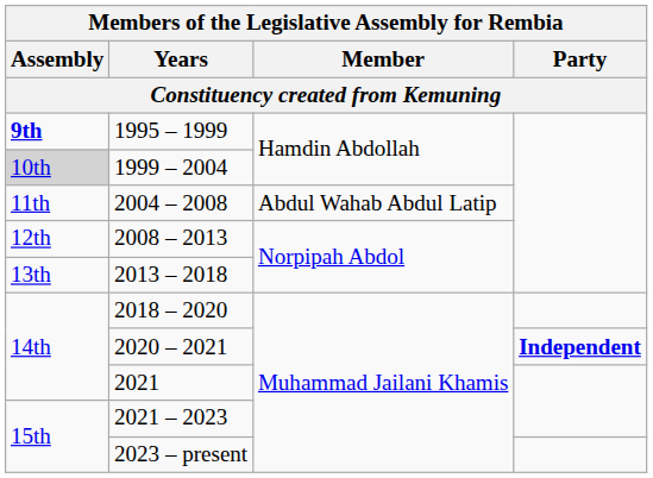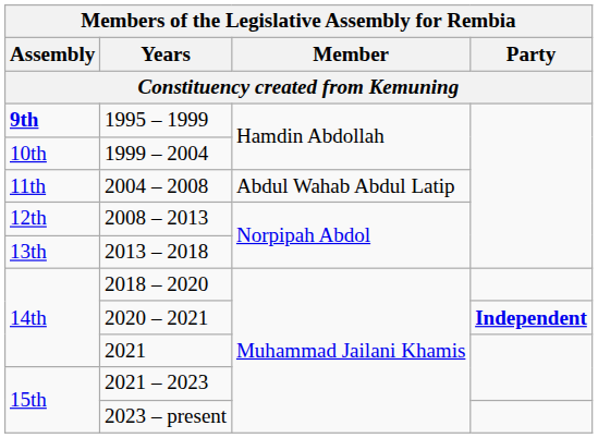 <table class=wikitable>
 <tr>
 <th colspan="4">Members of the Legislative Assembly for Rembia</th>
 </tr>
 <tr>
 <th>Assembly</th>
 <th>Years</th>
 <th>Member</th>
 <th>Party</th>
 </tr>
 <tr>
 <th colspan="4" align="center"><em>Constituency created from Kemuning</em></th>
 </tr>
 <tr>
 <td><strong><a href='#'>9th</a></strong></td>
 <td>1995 – 1999</td>
 <td rowspan="2">Hamdin Abdollah</td>
 <td rowspan="5"></td>
 </tr>
 <tr>
-<td style="background: lightgrey;"><a href='#'>10th</a></td>
+<td><a href='#'>10th</a></td>
 <td>1999 – 2004</td>
 </tr>
 <tr>
 <td><a href='#'>11th</a></td>
 <td>2004 – 2008</td>
 <td>Abdul Wahab Abdul Latip</td>
 </tr>
 <tr>
 <td><a href='#'>12th</a></td>
 <td>2008 – 2013</td>
 <td rowspan="2"><a href='#'>Norpipah Abdol</a></td>
 </tr>
 <tr>
 <td><a href='#'>13th</a></td>
 <td>2013 – 2018</td>
 </tr>
 <tr>
 <td rowspan="3"><a href='#'>14th</a></td>
 <td>2018 – 2020</td>
 <td rowspan="5"><a href='#'>Muhammad Jailani Khamis</a></td>
 <td></td>
 </tr>
 <tr>
 <td>2020 – 2021</td>
 <td><strong><a href='#'>Independent</a></strong></td>
 </tr>
 <tr>
 <td>2021</td>
 <td rowspan="2"></td>
 </tr>
 <tr>
 <td rowspan="2"><a href='#'>15th</a></td>
 <td>2021 – 2023</td>
 </tr>
 <tr>
 <td>2023 – present</td>
 <td></td>
 </tr>
 </table>
